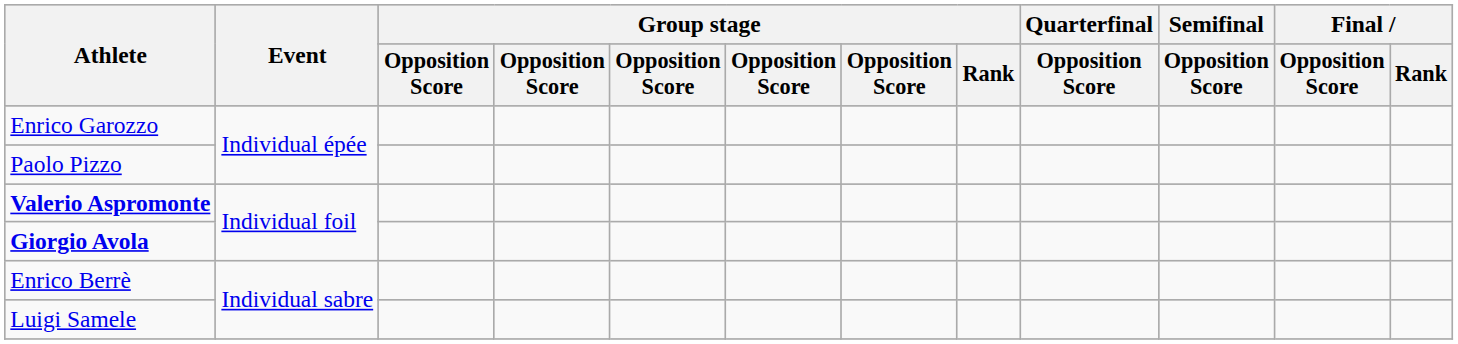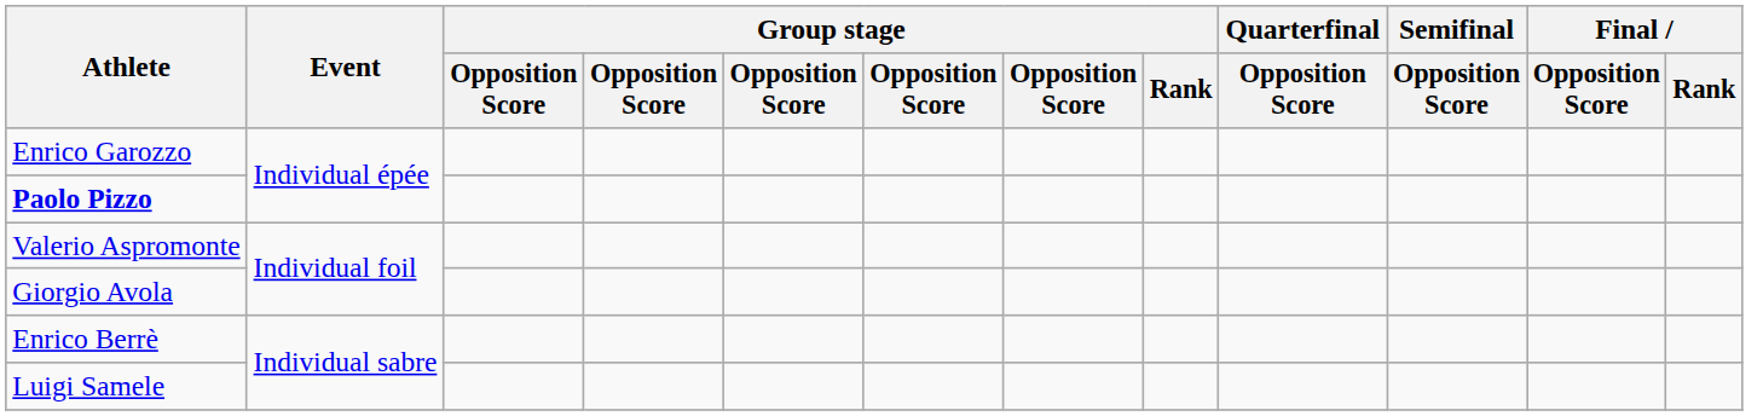 <table class=wikitable style="font-size:90%">
 <tr>
 <th rowspan=2>Athlete</th>
 <th rowspan=2>Event</th>
 <th colspan=6>Group stage</th>
 <th>Quarterfinal</th>
 <th>Semifinal</th>
 <th colspan=2>Final / </th>
 </tr>
 <tr style="font-size:95%">
 <th>Opposition<br>Score</th>
 <th>Opposition<br>Score</th>
 <th>Opposition<br>Score</th>
 <th>Opposition<br>Score</th>
 <th>Opposition<br>Score</th>
 <th>Rank</th>
 <th>Opposition<br>Score</th>
 <th>Opposition<br>Score</th>
 <th>Opposition<br>Score</th>
 <th>Rank</th>
 </tr>
 <tr align=center>
 <td align=left><a href='#'>Enrico Garozzo</a></td>
 <td align=left rowspan=2><a href='#'>Individual épée</a></td>
 <td></td>
 <td></td>
 <td></td>
 <td></td>
 <td></td>
 <td></td>
 <td></td>
 <td></td>
 <td></td>
 <td></td>
 </tr>
 <tr align=center>
-<td align=left><a href='#'>Paolo Pizzo</a></td>
+<td align=left><strong><a href='#'>Paolo Pizzo</a></strong></td>
 <td></td>
 <td></td>
 <td></td>
 <td></td>
 <td></td>
 <td></td>
 <td></td>
 <td></td>
 <td></td>
 <td></td>
 </tr>
 <tr align=center>
-<td align=left><strong><a href='#'>Valerio Aspromonte</a></strong></td>
+<td align=left><a href='#'>Valerio Aspromonte</a></td>
 <td align=left rowspan=2><a href='#'>Individual foil</a></td>
 <td></td>
 <td></td>
 <td></td>
 <td></td>
 <td></td>
 <td></td>
 <td></td>
 <td></td>
 <td></td>
 <td></td>
 </tr>
 <tr align=center>
-<td align=left><strong><a href='#'>Giorgio Avola</a></strong></td>
+<td align=left><a href='#'>Giorgio Avola</a></td>
 <td></td>
 <td></td>
 <td></td>
 <td></td>
 <td></td>
 <td></td>
 <td></td>
 <td></td>
 <td></td>
 <td></td>
 </tr>
 <tr align=center>
 <td align=left><a href='#'>Enrico Berrè</a></td>
 <td align=left rowspan=2><a href='#'>Individual sabre</a></td>
 <td></td>
 <td></td>
 <td></td>
 <td></td>
 <td></td>
 <td></td>
 <td></td>
 <td></td>
 <td></td>
 <td></td>
 </tr>
 <tr align=center>
 <td align=left><a href='#'>Luigi Samele</a></td>
 <td></td>
 <td></td>
 <td></td>
 <td></td>
 <td></td>
 <td></td>
 <td></td>
 <td></td>
 <td></td>
 <td></td>
 </tr>
 </table>
